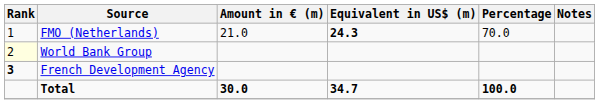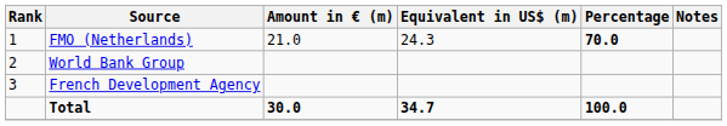 <table class="wikitable sortable" style="margin: 0.5em auto">
 <tr>
 <th>Rank</th>
 <th>Source</th>
 <th>Amount in € (m)</th>
 <th>Equivalent in US$ (m)</th>
 <th>Percentage</th>
 <th>Notes</th>
 </tr>
 <tr>
 <td>1</td>
 <td><a href='#'>FMO (Netherlands)</a></td>
 <td>21.0</td>
-<td><strong>24.3</strong></td>
-<td>70.0</td>
+<td>24.3</td>
+<td><strong>70.0</strong></td>
 <td></td>
 </tr>
 <tr>
-<td style="background: lightyellow;">2</td>
+<td>2</td>
 <td><a href='#'>World Bank Group</a></td>
 <td></td>
 <td></td>
 <td></td>
 <td></td>
 </tr>
 <tr>
-<td><strong>3</strong></td>
+<td>3</td>
 <td><a href='#'>French Development Agency</a></td>
 <td></td>
 <td></td>
 <td></td>
 <td></td>
 </tr>
 <tr>
 <td></td>
 <td><strong>Total</strong></td>
 <td><strong>30.0</strong></td>
 <td><strong>34.7</strong></td>
 <td><strong>100.0</strong></td>
 <td></td>
 </tr>
 <tr>
 </tr>
 </table>
